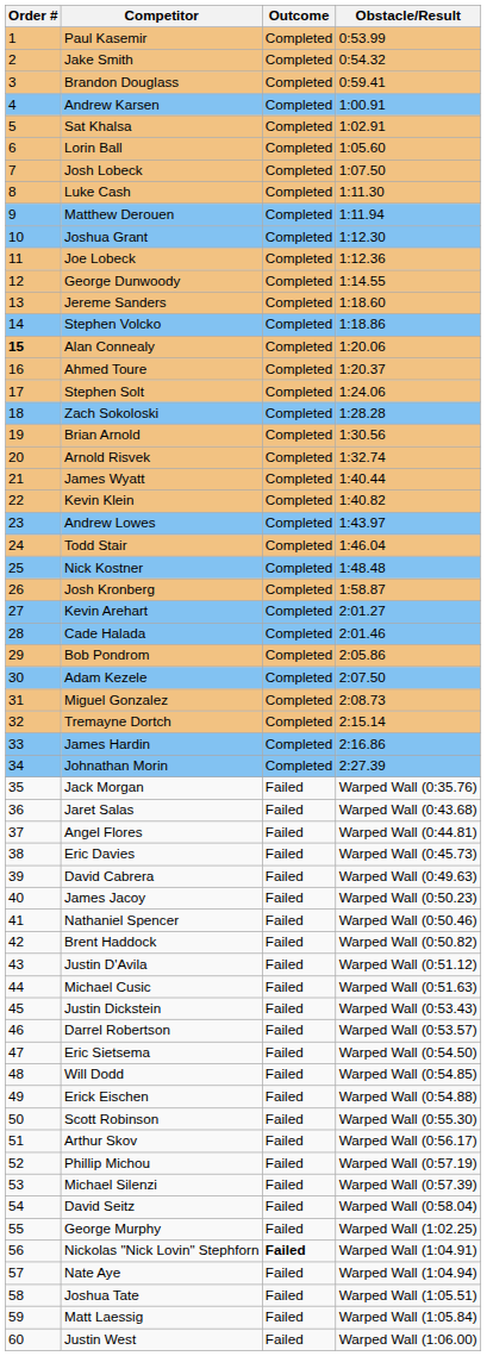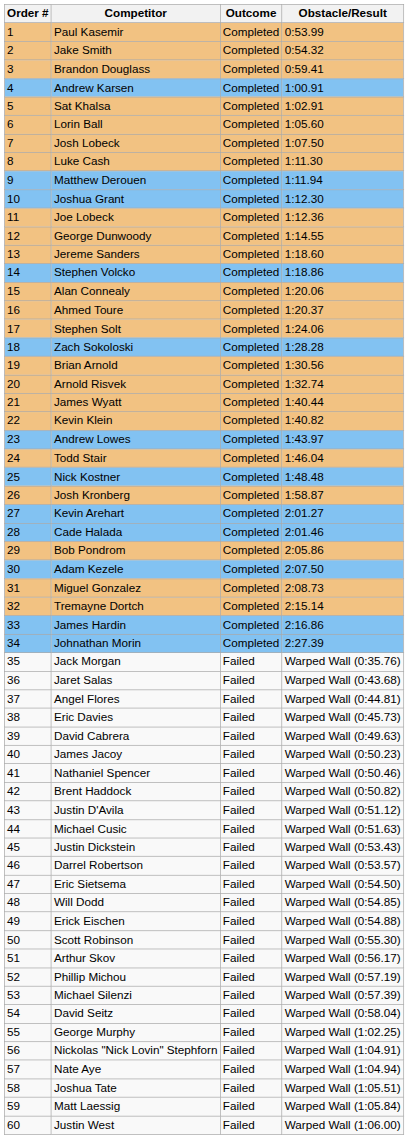 <table class="wikitable sortable">
 <tr>
 <th>Order #</th>
 <th>Competitor</th>
 <th>Outcome</th>
 <th>Obstacle/Result</th>
 </tr>
 <tr style="background-color:#f2c282">
 <td>1</td>
 <td>Paul Kasemir</td>
 <td>Completed</td>
 <td>0:53.99</td>
 </tr>
 <tr style="background-color:#f2c282">
 <td>2</td>
 <td>Jake Smith</td>
 <td>Completed</td>
 <td>0:54.32</td>
 </tr>
 <tr style="background-color:#f2c282">
 <td>3</td>
 <td>Brandon Douglass</td>
 <td>Completed</td>
 <td>0:59.41</td>
 </tr>
 <tr style="background-color:#82c2f2">
 <td>4</td>
 <td>Andrew Karsen</td>
 <td>Completed</td>
 <td>1:00.91</td>
 </tr>
 <tr style="background-color:#f2c282">
 <td>5</td>
 <td>Sat Khalsa</td>
 <td>Completed</td>
 <td>1:02.91</td>
 </tr>
 <tr style="background-color:#f2c282">
 <td>6</td>
 <td>Lorin Ball</td>
 <td>Completed</td>
 <td>1:05.60</td>
 </tr>
 <tr style="background-color:#f2c282">
 <td>7</td>
 <td>Josh Lobeck</td>
 <td>Completed</td>
 <td>1:07.50</td>
 </tr>
 <tr style="background-color:#f2c282">
 <td>8</td>
 <td>Luke Cash</td>
 <td>Completed</td>
 <td>1:11.30</td>
 </tr>
 <tr style="background-color:#82c2f2">
 <td>9</td>
 <td>Matthew Derouen</td>
 <td>Completed</td>
 <td>1:11.94</td>
 </tr>
 <tr style="background-color:#82c2f2">
 <td>10</td>
 <td>Joshua Grant</td>
 <td>Completed</td>
 <td>1:12.30</td>
 </tr>
 <tr style="background-color:#f2c282">
 <td>11</td>
 <td>Joe Lobeck</td>
 <td>Completed</td>
 <td>1:12.36</td>
 </tr>
 <tr style="background-color:#f2c282">
 <td>12</td>
 <td>George Dunwoody</td>
 <td>Completed</td>
 <td>1:14.55</td>
 </tr>
 <tr style="background-color:#f2c282">
 <td>13</td>
 <td>Jereme Sanders</td>
 <td>Completed</td>
 <td>1:18.60</td>
 </tr>
 <tr style="background-color:#82c2f2">
 <td>14</td>
 <td>Stephen Volcko</td>
 <td>Completed</td>
 <td>1:18.86</td>
 </tr>
 <tr style="background-color:#f2c282">
-<td><strong>15</strong></td>
+<td>15</td>
 <td>Alan Connealy</td>
 <td>Completed</td>
 <td>1:20.06</td>
 </tr>
 <tr style="background-color:#f2c282">
 <td>16</td>
 <td>Ahmed Toure</td>
 <td>Completed</td>
 <td>1:20.37</td>
 </tr>
 <tr style="background-color:#f2c282">
 <td>17</td>
 <td>Stephen Solt</td>
 <td>Completed</td>
 <td>1:24.06</td>
 </tr>
 <tr style="background-color:#82c2f2">
 <td>18</td>
 <td>Zach Sokoloski</td>
 <td>Completed</td>
 <td>1:28.28</td>
 </tr>
 <tr style="background-color:#f2c282">
 <td>19</td>
 <td>Brian Arnold</td>
 <td>Completed</td>
 <td>1:30.56</td>
 </tr>
 <tr style="background-color:#f2c282">
 <td>20</td>
 <td>Arnold Risvek</td>
 <td>Completed</td>
 <td>1:32.74</td>
 </tr>
 <tr style="background-color:#f2c282">
 <td>21</td>
 <td>James Wyatt</td>
 <td>Completed</td>
 <td>1:40.44</td>
 </tr>
 <tr style="background-color:#f2c282">
 <td>22</td>
 <td>Kevin Klein</td>
 <td>Completed</td>
 <td>1:40.82</td>
 </tr>
 <tr style="background-color:#82c2f2">
 <td>23</td>
 <td>Andrew Lowes</td>
 <td>Completed</td>
 <td>1:43.97</td>
 </tr>
 <tr style="background-color:#f2c282">
 <td>24</td>
 <td>Todd Stair</td>
 <td>Completed</td>
 <td>1:46.04</td>
 </tr>
 <tr style="background-color:#82c2f2">
 <td>25</td>
 <td>Nick Kostner</td>
 <td>Completed</td>
 <td>1:48.48</td>
 </tr>
 <tr style="background-color:#f2c282">
 <td>26</td>
 <td>Josh Kronberg</td>
 <td>Completed</td>
 <td>1:58.87</td>
 </tr>
 <tr style="background-color:#82c2f2">
 <td>27</td>
 <td>Kevin Arehart</td>
 <td>Completed</td>
 <td>2:01.27</td>
 </tr>
 <tr style="background-color:#82c2f2">
 <td>28</td>
 <td>Cade Halada</td>
 <td>Completed</td>
 <td>2:01.46</td>
 </tr>
 <tr style="background-color:#f2c282">
 <td>29</td>
 <td>Bob Pondrom</td>
 <td>Completed</td>
 <td>2:05.86</td>
 </tr>
 <tr style="background-color:#82c2f2">
 <td>30</td>
 <td>Adam Kezele</td>
 <td>Completed</td>
 <td>2:07.50</td>
 </tr>
 <tr style="background-color:#f2c282">
 <td>31</td>
 <td>Miguel Gonzalez</td>
 <td>Completed</td>
 <td>2:08.73</td>
 </tr>
 <tr style="background-color:#f2c282">
 <td>32</td>
 <td>Tremayne Dortch</td>
 <td>Completed</td>
 <td>2:15.14</td>
 </tr>
 <tr style="background-color:#82c2f2">
 <td>33</td>
 <td>James Hardin</td>
 <td>Completed</td>
 <td>2:16.86</td>
 </tr>
 <tr style="background-color:#82c2f2">
 <td>34</td>
 <td>Johnathan Morin</td>
 <td>Completed</td>
 <td>2:27.39</td>
 </tr>
 <tr>
 <td>35</td>
 <td>Jack Morgan</td>
 <td>Failed</td>
 <td>Warped Wall (0:35.76)</td>
 </tr>
 <tr>
 <td>36</td>
 <td>Jaret Salas</td>
 <td>Failed</td>
 <td>Warped Wall (0:43.68)</td>
 </tr>
 <tr>
 <td>37</td>
 <td>Angel Flores</td>
 <td>Failed</td>
 <td>Warped Wall (0:44.81)</td>
 </tr>
 <tr>
 <td>38</td>
 <td>Eric Davies</td>
 <td>Failed</td>
 <td>Warped Wall (0:45.73)</td>
 </tr>
 <tr>
 <td>39</td>
 <td>David Cabrera</td>
 <td>Failed</td>
 <td>Warped Wall (0:49.63)</td>
 </tr>
 <tr>
 <td>40</td>
 <td>James Jacoy</td>
 <td>Failed</td>
 <td>Warped Wall (0:50.23)</td>
 </tr>
 <tr>
 <td>41</td>
 <td>Nathaniel Spencer</td>
 <td>Failed</td>
 <td>Warped Wall (0:50.46)</td>
 </tr>
 <tr>
 <td>42</td>
 <td>Brent Haddock</td>
 <td>Failed</td>
 <td>Warped Wall (0:50.82)</td>
 </tr>
 <tr>
 <td>43</td>
 <td>Justin D'Avila</td>
 <td>Failed</td>
 <td>Warped Wall (0:51.12)</td>
 </tr>
 <tr>
 <td>44</td>
 <td>Michael Cusic</td>
 <td>Failed</td>
 <td>Warped Wall (0:51.63)</td>
 </tr>
 <tr>
 <td>45</td>
 <td>Justin Dickstein</td>
 <td>Failed</td>
 <td>Warped Wall (0:53.43)</td>
 </tr>
 <tr>
 <td>46</td>
 <td>Darrel Robertson</td>
 <td>Failed</td>
 <td>Warped Wall (0:53.57)</td>
 </tr>
 <tr>
 <td>47</td>
 <td>Eric Sietsema</td>
 <td>Failed</td>
 <td>Warped Wall (0:54.50)</td>
 </tr>
 <tr>
 <td>48</td>
 <td>Will Dodd</td>
 <td>Failed</td>
 <td>Warped Wall (0:54.85)</td>
 </tr>
 <tr>
 <td>49</td>
 <td>Erick Eischen</td>
 <td>Failed</td>
 <td>Warped Wall (0:54.88)</td>
 </tr>
 <tr>
 <td>50</td>
 <td>Scott Robinson</td>
 <td>Failed</td>
 <td>Warped Wall (0:55.30)</td>
 </tr>
 <tr>
 <td>51</td>
 <td>Arthur Skov</td>
 <td>Failed</td>
 <td>Warped Wall (0:56.17)</td>
 </tr>
 <tr>
 <td>52</td>
 <td>Phillip Michou</td>
 <td>Failed</td>
 <td>Warped Wall (0:57.19)</td>
 </tr>
 <tr>
 <td>53</td>
 <td>Michael Silenzi</td>
 <td>Failed</td>
 <td>Warped Wall (0:57.39)</td>
 </tr>
 <tr>
 <td>54</td>
 <td>David Seitz</td>
 <td>Failed</td>
 <td>Warped Wall (0:58.04)</td>
 </tr>
 <tr>
 <td>55</td>
 <td>George Murphy</td>
 <td>Failed</td>
 <td>Warped Wall (1:02.25)</td>
 </tr>
 <tr>
 <td>56</td>
 <td>Nickolas "Nick Lovin" Stephforn</td>
-<td><strong>Failed</strong></td>
+<td>Failed</td>
 <td>Warped Wall (1:04.91)</td>
 </tr>
 <tr>
 <td>57</td>
 <td>Nate Aye</td>
 <td>Failed</td>
 <td>Warped Wall (1:04.94)</td>
 </tr>
 <tr>
 <td>58</td>
 <td>Joshua Tate</td>
 <td>Failed</td>
 <td>Warped Wall (1:05.51)</td>
 </tr>
 <tr>
 <td>59</td>
 <td>Matt Laessig</td>
 <td>Failed</td>
 <td>Warped Wall (1:05.84)</td>
 </tr>
 <tr>
 <td>60</td>
 <td>Justin West</td>
 <td>Failed</td>
 <td>Warped Wall (1:06.00)</td>
 </tr>
 </table>
